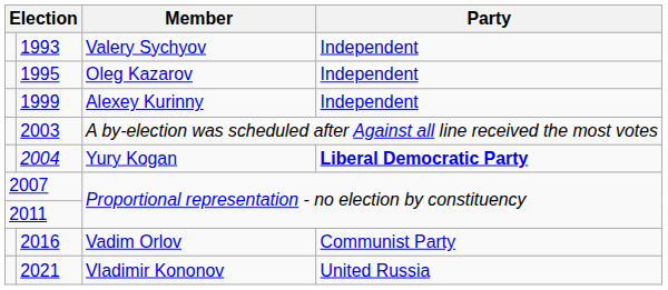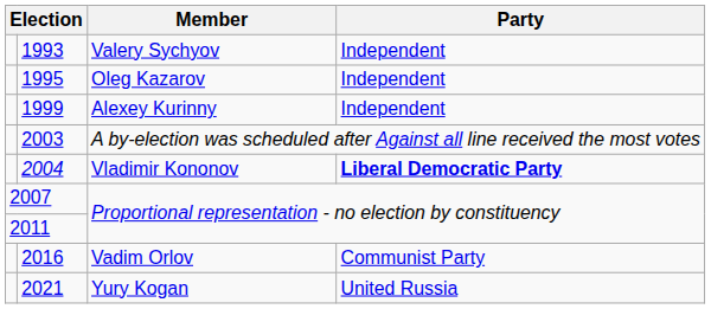 <table class="wikitable">
 <tr>
 <th colspan="2">Election</th>
 <th>Member</th>
 <th>Party</th>
 </tr>
 <tr>
 <td style="background-color:"></td>
 <td><a href='#'>1993</a></td>
 <td><a href='#'>Valery Sychyov</a></td>
 <td><a href='#'>Independent</a></td>
 </tr>
 <tr>
 <td style="background-color:"></td>
 <td><a href='#'>1995</a></td>
 <td><a href='#'>Oleg Kazarov</a></td>
 <td><a href='#'>Independent</a></td>
 </tr>
 <tr>
 <td style="background-color:"></td>
 <td><a href='#'>1999</a></td>
 <td><a href='#'>Alexey Kurinny</a></td>
 <td><a href='#'>Independent</a></td>
 </tr>
 <tr>
 <td style="background-color:"></td>
 <td><a href='#'>2003</a></td>
 <td colspan=2><em>A by-election was scheduled after <a href='#'>Against all</a> line received the most votes</em></td>
 </tr>
 <tr>
 <td style="background-color:"></td>
 <td><em><a href='#'>2004</a></em></td>
-<td><a href='#'>Yury Kogan</a></td>
+<td><a href='#'>Vladimir Kononov</a></td>
 <td><strong><a href='#'>Liberal Democratic Party</a></strong></td>
 </tr>
 <tr>
 <td colspan=2><a href='#'>2007</a></td>
 <td colspan=2 rowspan=2><em><a href='#'>Proportional representation</a> - no election by constituency</em></td>
 </tr>
 <tr>
 <td colspan=2><a href='#'>2011</a></td>
 </tr>
 <tr>
 <td style="background-color: "></td>
 <td><a href='#'>2016</a></td>
 <td><a href='#'>Vadim Orlov</a></td>
 <td><a href='#'>Communist Party</a></td>
 </tr>
 <tr>
 <td style="background-color: "></td>
 <td><a href='#'>2021</a></td>
-<td><a href='#'>Vladimir Kononov</a></td>
+<td><a href='#'>Yury Kogan</a></td>
 <td><a href='#'>United Russia</a></td>
 </tr>
 </table>
